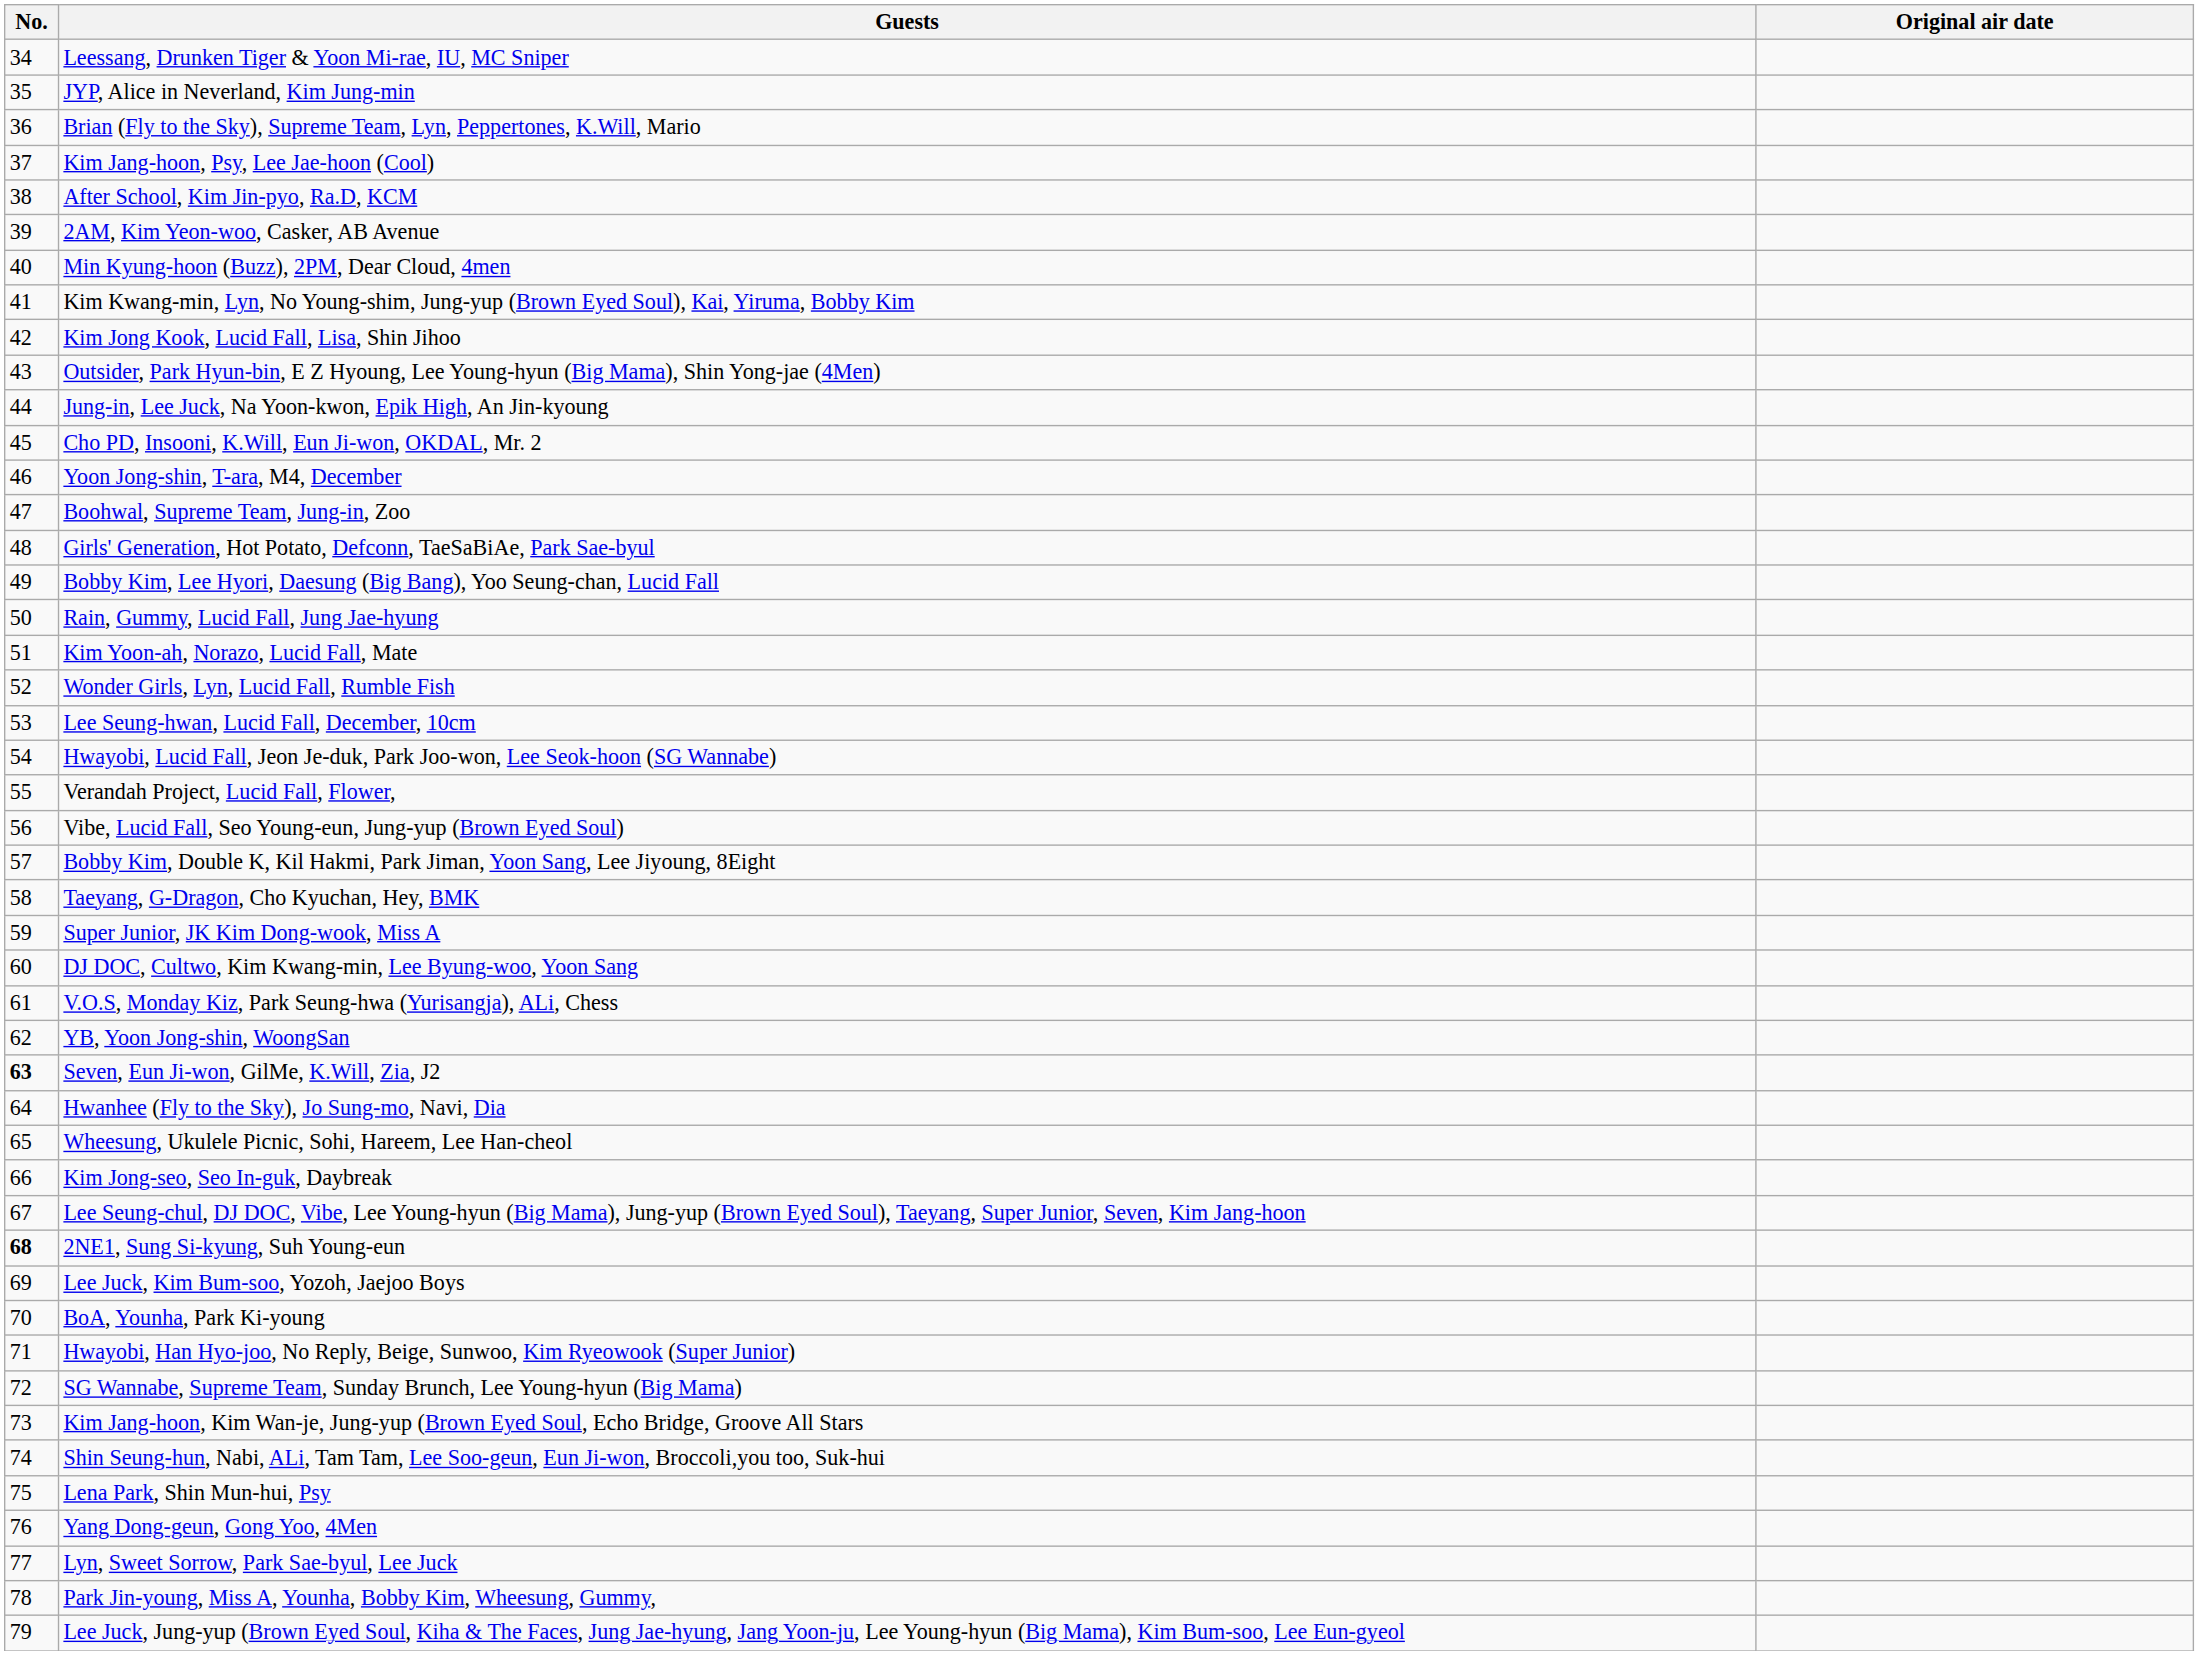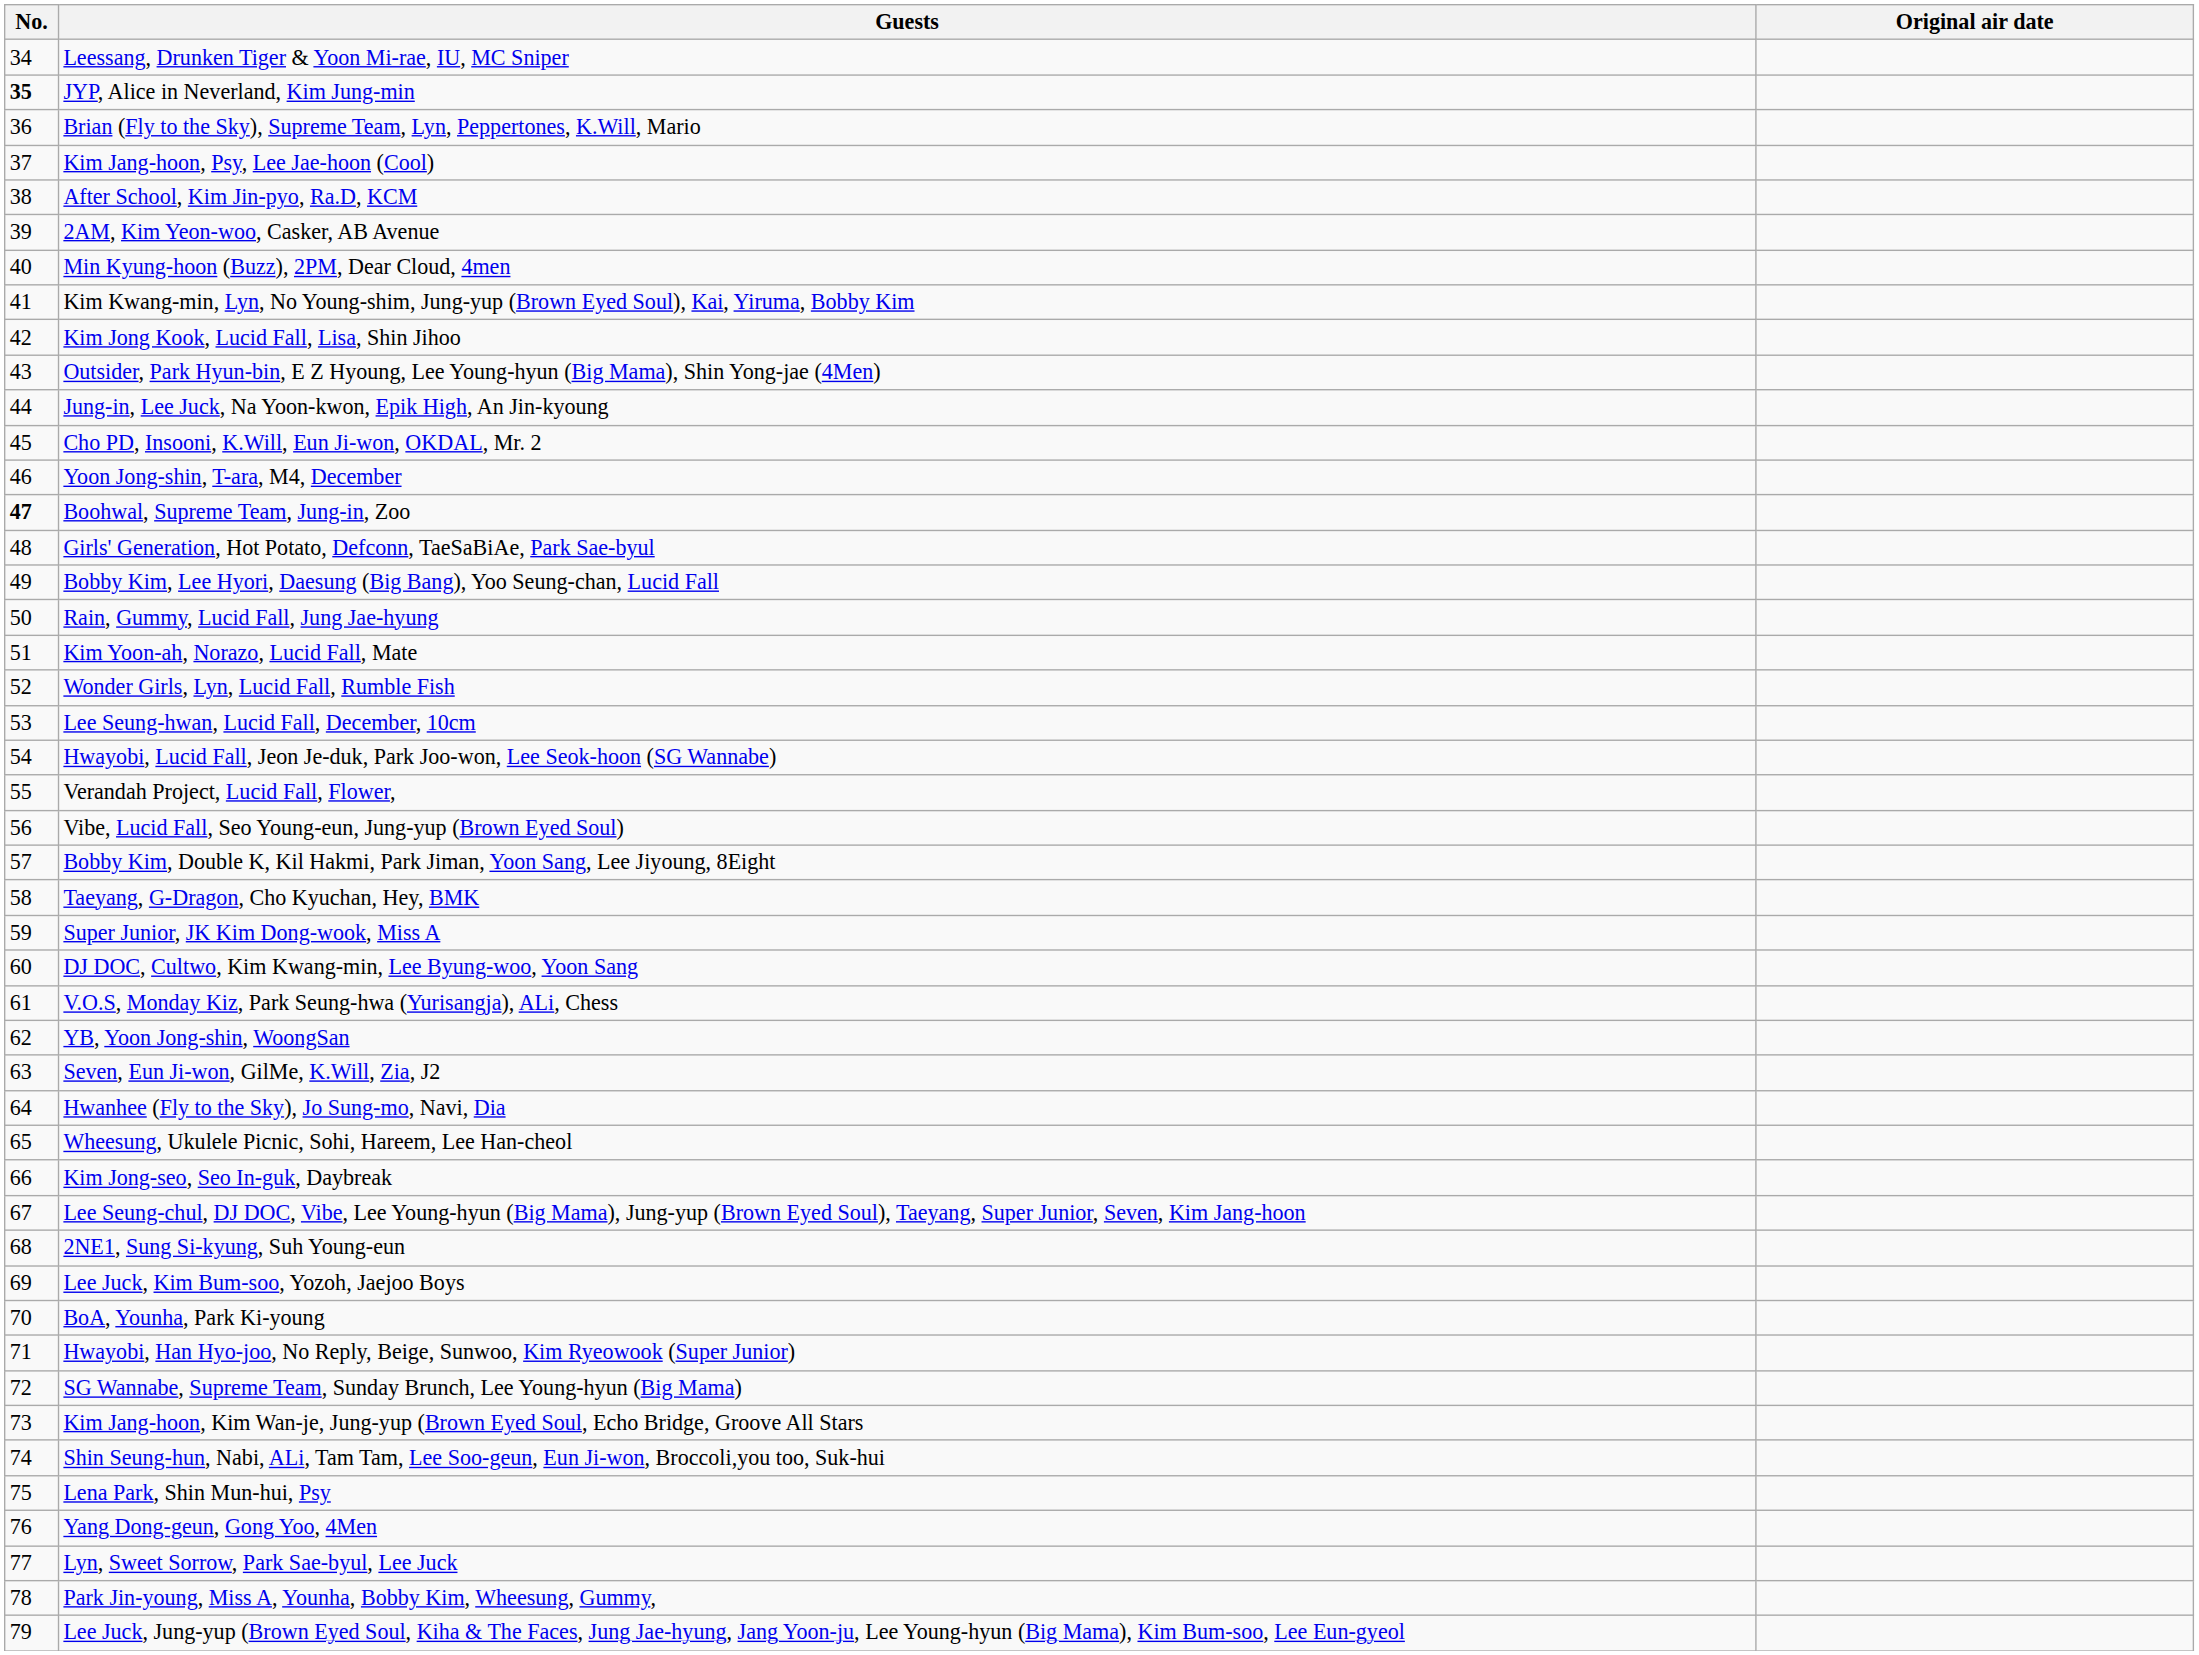 <table class="wikitable" style="width:80%; style="text-align:center" margin:auto; background:#FFFFFF;">
 <tr>
 <th>No.</th>
 <th>Guests</th>
 <th width="20%">Original air date</th>
 </tr>
 <tr>
 <td>34</td>
 <td><a href='#'>Leessang</a>, <a href='#'>Drunken Tiger</a> & <a href='#'>Yoon Mi-rae</a>, <a href='#'>IU</a>, <a href='#'>MC Sniper</a></td>
 <td></td>
 </tr>
 <tr>
-<td>35</td>
+<td><strong>35</strong></td>
 <td><a href='#'>JYP</a>, Alice in Neverland, <a href='#'>Kim Jung-min</a></td>
 <td></td>
 </tr>
 <tr>
 <td>36</td>
 <td><a href='#'>Brian</a> (<a href='#'>Fly to the Sky</a>), <a href='#'>Supreme Team</a>, <a href='#'>Lyn</a>, <a href='#'>Peppertones</a>, <a href='#'>K.Will</a>, Mario</td>
 <td></td>
 </tr>
 <tr>
 <td>37</td>
 <td><a href='#'>Kim Jang-hoon</a>, <a href='#'>Psy</a>, <a href='#'>Lee Jae-hoon</a> (<a href='#'>Cool</a>)</td>
 <td></td>
 </tr>
 <tr>
 <td>38</td>
 <td><a href='#'>After School</a>, <a href='#'>Kim Jin-pyo</a>, <a href='#'>Ra.D</a>, <a href='#'>KCM</a></td>
 <td></td>
 </tr>
 <tr>
 <td>39</td>
 <td><a href='#'>2AM</a>, <a href='#'>Kim Yeon-woo</a>, Casker, AB Avenue</td>
 <td></td>
 </tr>
 <tr>
 <td>40</td>
 <td><a href='#'>Min Kyung-hoon</a> (<a href='#'>Buzz</a>), <a href='#'>2PM</a>, Dear Cloud, <a href='#'>4men</a></td>
 <td></td>
 </tr>
 <tr>
 <td>41</td>
 <td>Kim Kwang-min, <a href='#'>Lyn</a>, No Young-shim, Jung-yup (<a href='#'>Brown Eyed Soul</a>), <a href='#'>Kai</a>, <a href='#'>Yiruma</a>, <a href='#'>Bobby Kim</a></td>
 <td></td>
 </tr>
 <tr>
 <td>42</td>
 <td><a href='#'>Kim Jong Kook</a>, <a href='#'>Lucid Fall</a>, <a href='#'>Lisa</a>, Shin Jihoo</td>
 <td></td>
 </tr>
 <tr>
 <td>43</td>
 <td><a href='#'>Outsider</a>, <a href='#'>Park Hyun-bin</a>, E Z Hyoung, Lee Young-hyun (<a href='#'>Big Mama</a>), Shin Yong-jae (<a href='#'>4Men</a>)</td>
 <td></td>
 </tr>
 <tr>
 <td>44</td>
 <td><a href='#'>Jung-in</a>, <a href='#'>Lee Juck</a>, Na Yoon-kwon, <a href='#'>Epik High</a>, An Jin-kyoung</td>
 <td></td>
 </tr>
 <tr>
 <td>45</td>
 <td><a href='#'>Cho PD</a>, <a href='#'>Insooni</a>, <a href='#'>K.Will</a>, <a href='#'>Eun Ji-won</a>, <a href='#'>OKDAL</a>, Mr. 2</td>
 <td></td>
 </tr>
 <tr>
 <td>46</td>
 <td><a href='#'>Yoon Jong-shin</a>, <a href='#'>T-ara</a>, M4, <a href='#'>December</a></td>
 <td></td>
 </tr>
 <tr>
-<td>47</td>
+<td><strong>47</strong></td>
 <td><a href='#'>Boohwal</a>, <a href='#'>Supreme Team</a>, <a href='#'>Jung-in</a>, Zoo</td>
 <td></td>
 </tr>
 <tr>
 <td>48</td>
 <td><a href='#'>Girls' Generation</a>, Hot Potato, <a href='#'>Defconn</a>, TaeSaBiAe, <a href='#'>Park Sae-byul</a></td>
 <td></td>
 </tr>
 <tr>
 <td>49</td>
 <td><a href='#'>Bobby Kim</a>, <a href='#'>Lee Hyori</a>, <a href='#'>Daesung</a> (<a href='#'>Big Bang</a>), Yoo Seung-chan, <a href='#'>Lucid Fall</a></td>
 <td></td>
 </tr>
 <tr>
 <td>50</td>
 <td><a href='#'>Rain</a>, <a href='#'>Gummy</a>, <a href='#'>Lucid Fall</a>, <a href='#'>Jung Jae-hyung</a></td>
 <td></td>
 </tr>
 <tr>
 <td>51</td>
 <td><a href='#'>Kim Yoon-ah</a>, <a href='#'>Norazo</a>, <a href='#'>Lucid Fall</a>, Mate</td>
 <td></td>
 </tr>
 <tr>
 <td>52</td>
 <td><a href='#'>Wonder Girls</a>, <a href='#'>Lyn</a>, <a href='#'>Lucid Fall</a>, <a href='#'>Rumble Fish</a></td>
 <td></td>
 </tr>
 <tr>
 <td>53</td>
 <td><a href='#'>Lee Seung-hwan</a>, <a href='#'>Lucid Fall</a>, <a href='#'>December</a>, <a href='#'>10cm</a></td>
 <td></td>
 </tr>
 <tr>
 <td>54</td>
 <td><a href='#'>Hwayobi</a>, <a href='#'>Lucid Fall</a>, Jeon Je-duk, Park Joo-won, <a href='#'>Lee Seok-hoon</a> (<a href='#'>SG Wannabe</a>)</td>
 <td></td>
 </tr>
 <tr>
 <td>55</td>
 <td>Verandah Project, <a href='#'>Lucid Fall</a>, <a href='#'>Flower</a>, </td>
 <td></td>
 </tr>
 <tr>
 <td>56</td>
 <td>Vibe, <a href='#'>Lucid Fall</a>, Seo Young-eun, Jung-yup (<a href='#'>Brown Eyed Soul</a>)</td>
 <td></td>
 </tr>
 <tr>
 <td>57</td>
 <td><a href='#'>Bobby Kim</a>, Double K, Kil Hakmi, Park Jiman, <a href='#'>Yoon Sang</a>, Lee Jiyoung, 8Eight</td>
 <td></td>
 </tr>
 <tr>
 <td>58</td>
 <td><a href='#'>Taeyang</a>, <a href='#'>G-Dragon</a>, Cho Kyuchan, Hey, <a href='#'>BMK</a></td>
 <td></td>
 </tr>
 <tr>
 <td>59</td>
 <td><a href='#'>Super Junior</a>, <a href='#'>JK Kim Dong-wook</a>, <a href='#'>Miss A</a></td>
 <td></td>
 </tr>
 <tr>
 <td>60</td>
 <td><a href='#'>DJ DOC</a>, <a href='#'>Cultwo</a>, Kim Kwang-min, <a href='#'>Lee Byung-woo</a>, <a href='#'>Yoon Sang</a></td>
 <td></td>
 </tr>
 <tr>
 <td>61</td>
 <td><a href='#'>V.O.S</a>, <a href='#'>Monday Kiz</a>, Park Seung-hwa (<a href='#'>Yurisangja</a>), <a href='#'>ALi</a>, Chess</td>
 <td></td>
 </tr>
 <tr>
 <td>62</td>
 <td><a href='#'>YB</a>, <a href='#'>Yoon Jong-shin</a>, <a href='#'>WoongSan</a></td>
 <td></td>
 </tr>
 <tr>
-<td><strong>63</strong></td>
+<td>63</td>
 <td><a href='#'>Seven</a>, <a href='#'>Eun Ji-won</a>, GilMe, <a href='#'>K.Will</a>, <a href='#'>Zia</a>, J2</td>
 <td></td>
 </tr>
 <tr>
 <td>64</td>
 <td><a href='#'>Hwanhee</a> (<a href='#'>Fly to the Sky</a>), <a href='#'>Jo Sung-mo</a>, Navi, <a href='#'>Dia</a></td>
 <td></td>
 </tr>
 <tr>
 <td>65</td>
 <td><a href='#'>Wheesung</a>, Ukulele Picnic, Sohi, Hareem, Lee Han-cheol</td>
 <td></td>
 </tr>
 <tr>
 <td>66</td>
 <td><a href='#'>Kim Jong-seo</a>, <a href='#'>Seo In-guk</a>, Daybreak</td>
 <td></td>
 </tr>
 <tr>
 <td>67</td>
 <td><a href='#'>Lee Seung-chul</a>, <a href='#'>DJ DOC</a>, <a href='#'>Vibe</a>, Lee Young-hyun (<a href='#'>Big Mama</a>), Jung-yup (<a href='#'>Brown Eyed Soul</a>), <a href='#'>Taeyang</a>, <a href='#'>Super Junior</a>, <a href='#'>Seven</a>, <a href='#'>Kim Jang-hoon</a></td>
 <td></td>
 </tr>
 <tr>
-<td><strong>68</strong></td>
+<td>68</td>
 <td><a href='#'>2NE1</a>, <a href='#'>Sung Si-kyung</a>, Suh Young-eun</td>
 <td></td>
 </tr>
 <tr>
 <td>69</td>
 <td><a href='#'>Lee Juck</a>, <a href='#'>Kim Bum-soo</a>, Yozoh, Jaejoo Boys</td>
 <td></td>
 </tr>
 <tr>
 <td>70</td>
 <td><a href='#'>BoA</a>, <a href='#'>Younha</a>, Park Ki-young</td>
 <td></td>
 </tr>
 <tr>
 <td>71</td>
 <td><a href='#'>Hwayobi</a>, <a href='#'>Han Hyo-joo</a>, No Reply, Beige, Sunwoo, <a href='#'>Kim Ryeowook</a> (<a href='#'>Super Junior</a>)</td>
 <td></td>
 </tr>
 <tr>
 <td>72</td>
 <td><a href='#'>SG Wannabe</a>, <a href='#'>Supreme Team</a>, Sunday Brunch, Lee Young-hyun (<a href='#'>Big Mama</a>)</td>
 <td></td>
 </tr>
 <tr>
 <td>73</td>
 <td><a href='#'>Kim Jang-hoon</a>, Kim Wan-je, Jung-yup (<a href='#'>Brown Eyed Soul</a>, Echo Bridge, Groove All Stars</td>
 <td></td>
 </tr>
 <tr>
 <td>74</td>
 <td><a href='#'>Shin Seung-hun</a>, Nabi, <a href='#'>ALi</a>, Tam Tam, <a href='#'>Lee Soo-geun</a>, <a href='#'>Eun Ji-won</a>, Broccoli,you too, Suk-hui</td>
 <td></td>
 </tr>
 <tr>
 <td>75</td>
 <td><a href='#'>Lena Park</a>, Shin Mun-hui, <a href='#'>Psy</a></td>
 <td></td>
 </tr>
 <tr>
 <td>76</td>
 <td><a href='#'>Yang Dong-geun</a>, <a href='#'>Gong Yoo</a>, <a href='#'>4Men</a></td>
 <td></td>
 </tr>
 <tr>
 <td>77</td>
 <td><a href='#'>Lyn</a>, <a href='#'>Sweet Sorrow</a>, <a href='#'>Park Sae-byul</a>, <a href='#'>Lee Juck</a></td>
 <td></td>
 </tr>
 <tr>
 <td>78</td>
 <td><a href='#'>Park Jin-young</a>, <a href='#'>Miss A</a>, <a href='#'>Younha</a>, <a href='#'>Bobby Kim</a>, <a href='#'>Wheesung</a>, <a href='#'>Gummy</a>,</td>
 <td></td>
 </tr>
 <tr>
 <td>79</td>
 <td><a href='#'>Lee Juck</a>, Jung-yup (<a href='#'>Brown Eyed Soul</a>, <a href='#'>Kiha & The Faces</a>, <a href='#'>Jung Jae-hyung</a>, <a href='#'>Jang Yoon-ju</a>, Lee Young-hyun (<a href='#'>Big Mama</a>), <a href='#'>Kim Bum-soo</a>, <a href='#'>Lee Eun-gyeol</a></td>
 <td></td>
 </tr>
 </table>
